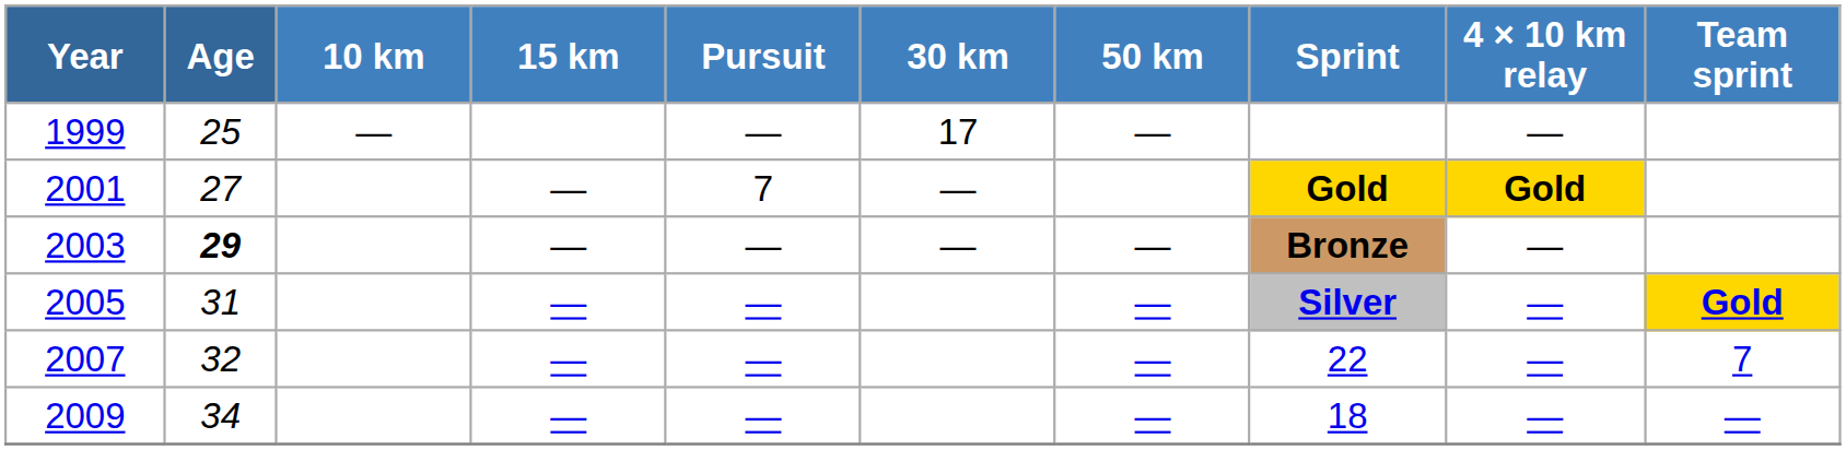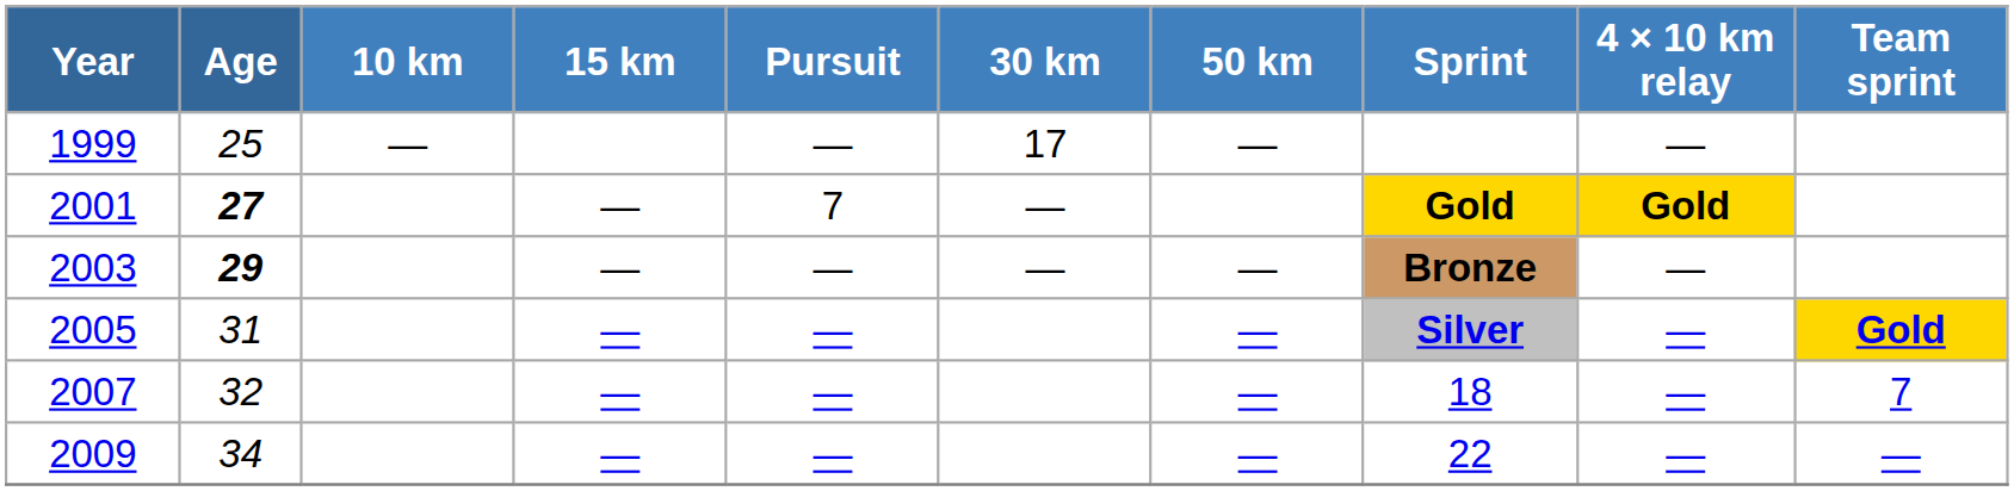 <table class="wikitable" style="font-size:95%; text-align:center; border:grey solid 1px; border-collapse:collapse; background:#ffffff;">
 <tr>
 <th style="background-color:#369; color:white; width:60px;"> Year </th>
 <th style="background-color:#369; color:white; width:40px;"> Age </th>
 <th style="background-color:#4180be; color:white; width:75px;"> 10 km </th>
 <th style="background-color:#4180be; color:white; width:75px;"> 15 km </th>
 <th style="background-color:#4180be; color:white; width:75px;"> Pursuit </th>
 <th style="background-color:#4180be; color:white; width:75px;"> 30 km </th>
 <th style="background-color:#4180be; color:white; width:75px;"> 50 km </th>
 <th style="background-color:#4180be; color:white; width:75px;"> Sprint </th>
 <th style="background-color:#4180be; color:white; width:75px;"> 4 × 10 km <br> relay </th>
 <th style="background-color:#4180be; color:white; width:75px;"> Team <br> sprint </th>
 </tr>
 <tr>
 <td><a href='#'>1999</a></td>
 <td><em>25</em></td>
 <td>—</td>
 <td></td>
 <td>—</td>
 <td>17</td>
 <td>—</td>
 <td></td>
 <td>—</td>
 <td></td>
 </tr>
 <tr>
 <td><a href='#'>2001</a></td>
-<td><em>27</em></td>
+<td><strong><em>27</em></strong></td>
 <td></td>
 <td>—</td>
 <td>7</td>
 <td>—</td>
 <td></td>
 <td style="background:gold;"><strong>Gold</strong></td>
 <td style="background:gold;"><strong>Gold</strong></td>
 <td></td>
 </tr>
 <tr>
 <td><a href='#'>2003</a></td>
 <td><strong><em>29</em></strong></td>
 <td></td>
 <td>—</td>
 <td>—</td>
 <td>—</td>
 <td>—</td>
 <td bgcolor="cc9966"><strong>Bronze</strong></td>
 <td>—</td>
 <td></td>
 </tr>
 <tr>
 <td><a href='#'>2005</a></td>
 <td><em>31</em></td>
 <td></td>
 <td><a href='#'>—</a></td>
 <td><a href='#'>—</a></td>
 <td></td>
 <td><a href='#'>—</a></td>
 <td style="background:silver;"><a href='#'><strong>Silver</strong></a></td>
 <td><a href='#'>—</a></td>
 <td style="background:gold;"><a href='#'><strong>Gold</strong></a></td>
 </tr>
 <tr>
 <td><a href='#'>2007</a></td>
 <td><em>32</em></td>
 <td></td>
 <td><a href='#'>—</a></td>
 <td><a href='#'>—</a></td>
 <td></td>
 <td><a href='#'>—</a></td>
-<td><a href='#'>22</a></td>
+<td><a href='#'>18</a></td>
 <td><a href='#'>—</a></td>
 <td><a href='#'>7</a></td>
 </tr>
 <tr>
 <td><a href='#'>2009</a></td>
 <td><em>34</em></td>
 <td></td>
 <td><a href='#'>—</a></td>
 <td><a href='#'>—</a></td>
 <td></td>
 <td><a href='#'>—</a></td>
-<td><a href='#'>18</a></td>
+<td><a href='#'>22</a></td>
 <td><a href='#'>—</a></td>
 <td><a href='#'>—</a></td>
 </tr>
 <tr>
 </tr>
 </table>
